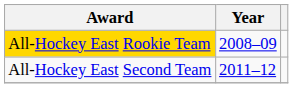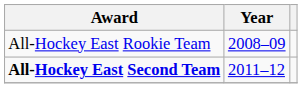 <table class="wikitable">
 <tr>
 <th>Award</th>
 <th>Year</th>
 <th></th>
 </tr>
 <tr>
-<td style="background: gold;">All-<a href='#'>Hockey East</a> <a href='#'>Rookie Team</a></td>
+<td>All-<a href='#'>Hockey East</a> <a href='#'>Rookie Team</a></td>
 <td><a href='#'>2008–09</a></td>
 <td></td>
 </tr>
 <tr>
-<td>All-<a href='#'>Hockey East</a> <a href='#'>Second Team</a></td>
+<td><strong>All-<a href='#'>Hockey East</a> <a href='#'>Second Team</a></strong></td>
 <td><a href='#'>2011–12</a></td>
 <td></td>
 </tr>
 <tr>
 </tr>
 </table>
